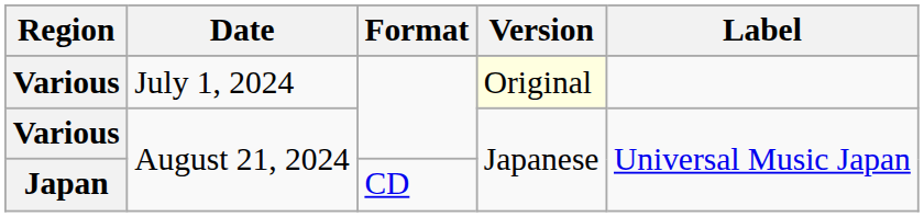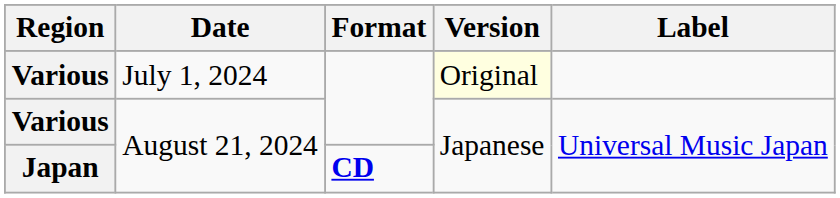 <table class="wikitable plainrowheaders">
 <tr>
 <th scope="col">Region</th>
 <th scope="col">Date</th>
 <th scope="col">Format</th>
 <th scope="col">Version</th>
 <th scope="col">Label</th>
 </tr>
 <tr>
 <th scope="row">Various </th>
 <td>July 1, 2024</td>
 <td rowspan="2"></td>
 <td style="background: lightyellow;">Original</td>
 <td></td>
 </tr>
 <tr>
 <th scope="row">Various </th>
 <td rowspan="2">August 21, 2024</td>
 <td rowspan="2">Japanese</td>
 <td rowspan="2"><a href='#'>Universal Music Japan</a></td>
 </tr>
 <tr>
 <th scope="row">Japan</th>
-<td><a href='#'>CD</a></td>
+<td><strong><a href='#'>CD</a></strong></td>
 </tr>
 </table>
